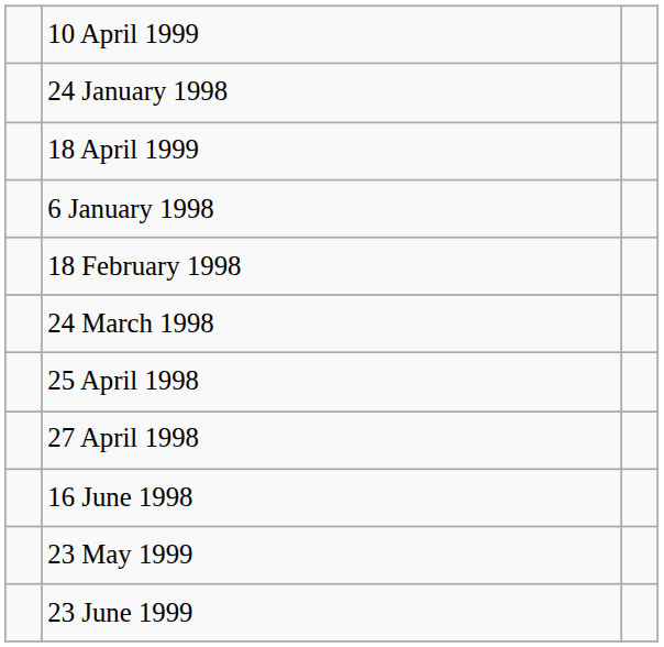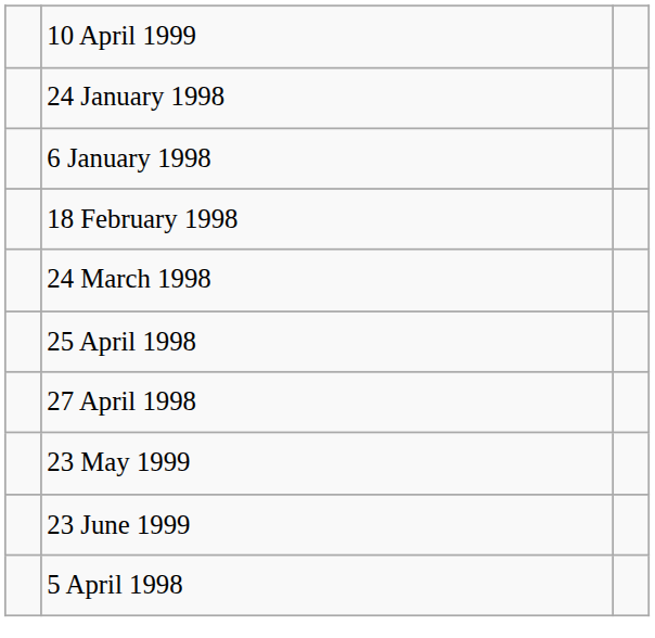 <table class="wikitable" style="font-size: 89%; float: left; width: 24em; margin-right: 1em; line-height: 1.65em !important; height: 324px;">
 <tr>
 <td></td>
 <td>10 April 1999</td>
 <td></td>
 </tr>
 <tr>
 <td></td>
 <td>24 January 1998</td>
-<td></td>
-</tr>
-<tr>
-<td></td>
-<td>18 April 1999</td>
 <td></td>
 </tr>
 <tr>
 <td></td>
 <td>6 January 1998</td>
 <td></td>
 </tr>
 <tr>
 <td></td>
 <td>18 February 1998</td>
 <td></td>
 </tr>
 <tr>
 <td></td>
 <td>24 March 1998</td>
 <td></td>
 </tr>
 <tr>
 <td></td>
 <td>25 April 1998</td>
 <td></td>
 </tr>
 <tr>
 <td></td>
 <td>27 April 1998</td>
 <td></td>
 </tr>
 <tr>
 <td></td>
-<td>16 June 1998</td>
-<td></td>
-</tr>
-<tr>
-<td></td>
 <td>23 May 1999</td>
 <td></td>
 </tr>
 <tr>
 <td></td>
 <td>23 June 1999</td>
 <td></td>
 </tr>
+<tr>
+<td></td>
+<td>5 April 1998</td>
+<td></td>
+</tr>
 </table>
